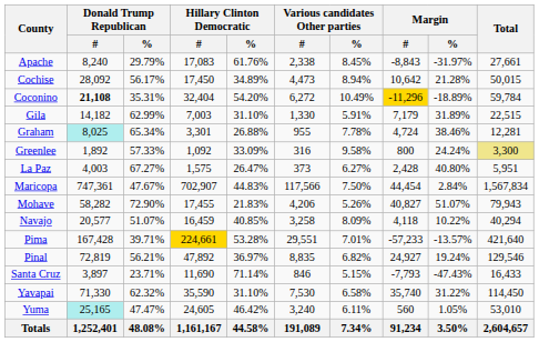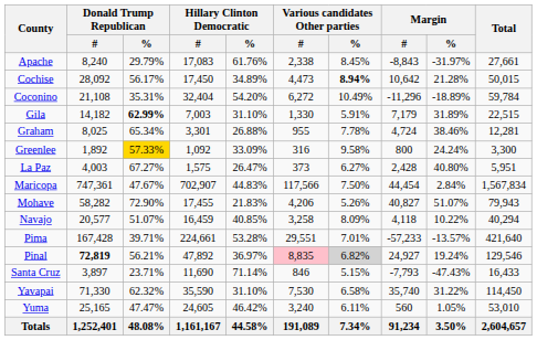 <table width="60%" class="wikitable sortable">
 <tr>
 <th rowspan="2">County</th>
 <th colspan="2">Donald Trump<br>Republican</th>
 <th colspan="2">Hillary Clinton<br>Democratic</th>
 <th colspan="2">Various candidates<br>Other parties</th>
 <th colspan="2">Margin</th>
 <th rowspan="2">Total</th>
 </tr>
 <tr>
 <th style="text-align:center;" data-sort-type="number">#</th>
 <th style="text-align:center;" data-sort-type="number">%</th>
 <th style="text-align:center;" data-sort-type="number">#</th>
 <th style="text-align:center;" data-sort-type="number">%</th>
 <th style="text-align:center;" data-sort-type="number">#</th>
 <th style="text-align:center;" data-sort-type="number">%</th>
 <th style="text-align:center;" data-sort-type="number">#</th>
 <th style="text-align:center;" data-sort-type="number">%</th>
 </tr>
 <tr style="text-align:center;">
 <td><a href='#'>Apache</a></td>
 <td>8,240</td>
 <td>29.79%</td>
 <td>17,083</td>
 <td>61.76%</td>
 <td>2,338</td>
 <td>8.45%</td>
 <td>-8,843</td>
 <td>-31.97%</td>
 <td>27,661</td>
 </tr>
 <tr style="text-align:center;">
 <td><a href='#'>Cochise</a></td>
 <td>28,092</td>
 <td>56.17%</td>
 <td>17,450</td>
 <td>34.89%</td>
 <td>4,473</td>
-<td>8.94%</td>
+<td><strong>8.94%</strong></td>
 <td>10,642</td>
 <td>21.28%</td>
 <td>50,015</td>
 </tr>
 <tr style="text-align:center;">
 <td><a href='#'>Coconino</a></td>
-<td><strong>21,108</strong></td>
+<td>21,108</td>
 <td>35.31%</td>
 <td>32,404</td>
 <td>54.20%</td>
 <td>6,272</td>
 <td>10.49%</td>
-<td style="background: gold;">-11,296</td>
+<td>-11,296</td>
 <td>-18.89%</td>
 <td>59,784</td>
 </tr>
 <tr style="text-align:center;">
 <td><a href='#'>Gila</a></td>
 <td>14,182</td>
-<td>62.99%</td>
+<td><strong>62.99%</strong></td>
 <td>7,003</td>
 <td>31.10%</td>
 <td>1,330</td>
 <td>5.91%</td>
 <td>7,179</td>
 <td>31.89%</td>
 <td>22,515</td>
 </tr>
 <tr style="text-align:center;">
 <td><a href='#'>Graham</a></td>
-<td style="background: paleturquoise;">8,025</td>
+<td>8,025</td>
 <td>65.34%</td>
 <td>3,301</td>
 <td>26.88%</td>
 <td>955</td>
 <td>7.78%</td>
 <td>4,724</td>
 <td>38.46%</td>
 <td>12,281</td>
 </tr>
 <tr style="text-align:center;">
 <td><a href='#'>Greenlee</a></td>
 <td>1,892</td>
-<td>57.33%</td>
+<td style="background: gold;">57.33%</td>
 <td>1,092</td>
 <td>33.09%</td>
 <td>316</td>
 <td>9.58%</td>
 <td>800</td>
 <td>24.24%</td>
-<td style="background: khaki;">3,300</td>
+<td>3,300</td>
 </tr>
 <tr style="text-align:center;">
 <td><a href='#'>La Paz</a></td>
 <td>4,003</td>
 <td>67.27%</td>
 <td>1,575</td>
 <td>26.47%</td>
 <td>373</td>
 <td>6.27%</td>
 <td>2,428</td>
 <td>40.80%</td>
 <td>5,951</td>
 </tr>
 <tr style="text-align:center;">
 <td><a href='#'>Maricopa</a></td>
 <td>747,361</td>
 <td>47.67%</td>
 <td>702,907</td>
 <td>44.83%</td>
 <td>117,566</td>
 <td>7.50%</td>
 <td>44,454</td>
 <td>2.84%</td>
 <td>1,567,834</td>
 </tr>
 <tr style="text-align:center;">
 <td><a href='#'>Mohave</a></td>
 <td>58,282</td>
 <td>72.90%</td>
 <td>17,455</td>
 <td>21.83%</td>
 <td>4,206</td>
 <td>5.26%</td>
 <td>40,827</td>
 <td>51.07%</td>
 <td>79,943</td>
 </tr>
 <tr style="text-align:center;">
 <td><a href='#'>Navajo</a></td>
 <td>20,577</td>
 <td>51.07%</td>
 <td>16,459</td>
 <td>40.85%</td>
 <td>3,258</td>
 <td>8.09%</td>
 <td>4,118</td>
 <td>10.22%</td>
 <td>40,294</td>
 </tr>
 <tr style="text-align:center;">
 <td><a href='#'>Pima</a></td>
 <td>167,428</td>
 <td>39.71%</td>
-<td style="background: gold;">224,661</td>
+<td>224,661</td>
 <td>53.28%</td>
 <td>29,551</td>
 <td>7.01%</td>
 <td>-57,233</td>
 <td>-13.57%</td>
 <td>421,640</td>
 </tr>
 <tr style="text-align:center;">
 <td><a href='#'>Pinal</a></td>
-<td>72,819</td>
+<td><strong>72,819</strong></td>
 <td>56.21%</td>
 <td>47,892</td>
 <td>36.97%</td>
-<td>8,835</td>
-<td>6.82%</td>
+<td style="background: pink;">8,835</td>
+<td style="background: lightgrey;">6.82%</td>
 <td>24,927</td>
 <td>19.24%</td>
 <td>129,546</td>
 </tr>
 <tr style="text-align:center;">
 <td><a href='#'>Santa Cruz</a></td>
 <td>3,897</td>
 <td>23.71%</td>
 <td>11,690</td>
 <td>71.14%</td>
 <td>846</td>
 <td>5.15%</td>
 <td>-7,793</td>
 <td>-47.43%</td>
 <td>16,433</td>
 </tr>
 <tr style="text-align:center;">
 <td><a href='#'>Yavapai</a></td>
 <td>71,330</td>
 <td>62.32%</td>
 <td>35,590</td>
 <td>31.10%</td>
 <td>7,530</td>
 <td>6.58%</td>
 <td>35,740</td>
 <td>31.22%</td>
 <td>114,450</td>
 </tr>
 <tr style="text-align:center;">
 <td><a href='#'>Yuma</a></td>
-<td style="background: paleturquoise;">25,165</td>
+<td>25,165</td>
 <td>47.47%</td>
 <td>24,605</td>
 <td>46.42%</td>
 <td>3,240</td>
 <td>6.11%</td>
 <td>560</td>
 <td>1.05%</td>
 <td>53,010</td>
 </tr>
 <tr>
 <th>Totals</th>
 <th>1,252,401</th>
 <th>48.08%</th>
 <th>1,161,167</th>
 <th>44.58%</th>
 <th>191,089</th>
 <th>7.34%</th>
 <th>91,234</th>
 <th>3.50%</th>
 <th>2,604,657</th>
 </tr>
 </table>
